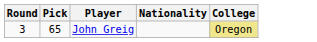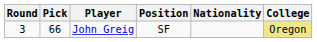 <table class="wikitable sortable sortable">
 <tr>
 <th>Round</th>
 <th>Pick</th>
 <th>Player</th>
+<th>Position</th>
 <th>Nationality</th>
 <th>College</th>
 </tr>
 <tr style="text-align: center">
 <td>3</td>
-<td>65</td>
+<td>66</td>
 <td><a href='#'>John Greig</a></td>
+<td>SF</td>
 <td></td>
 <td style="background: khaki;">Oregon</td>
 </tr>
 </table>
